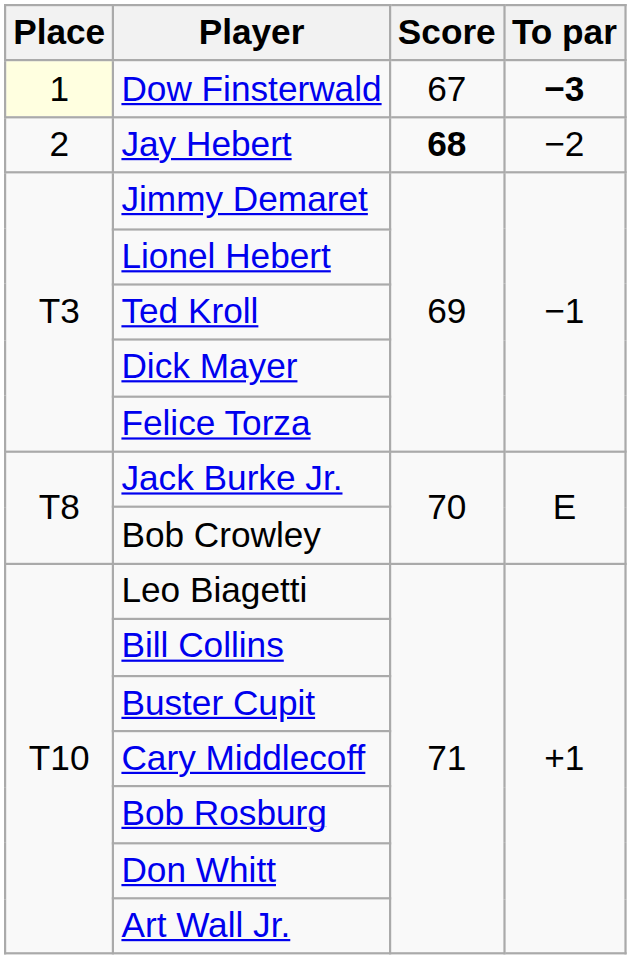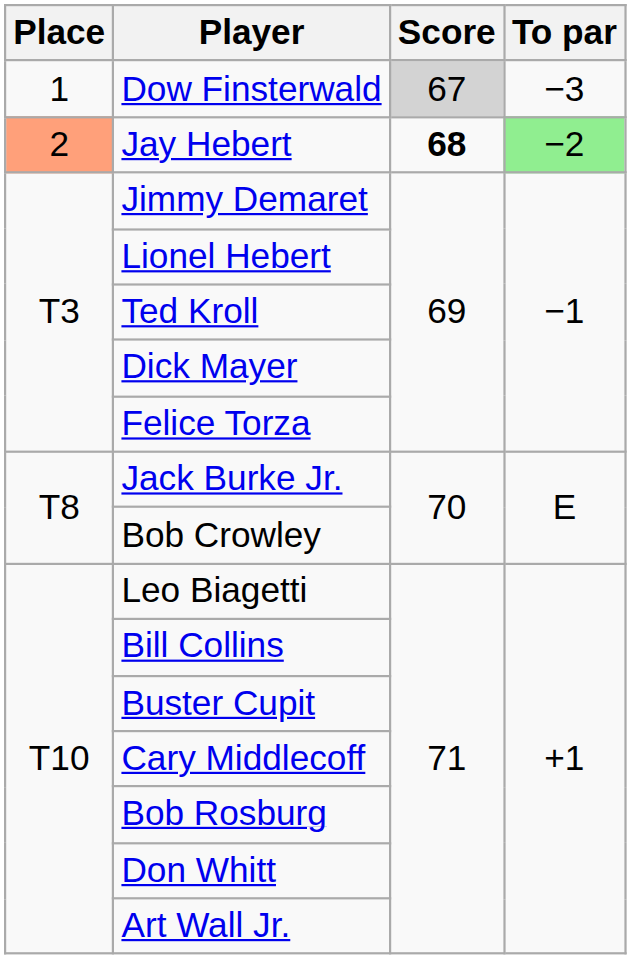 <table class=wikitable>
 <tr>
 <th>Place</th>
 <th>Player</th>
 <th>Score</th>
 <th>To par</th>
 </tr>
 <tr>
-<td align=center style="background: lightyellow;">1</td>
+<td align=center>1</td>
 <td> <a href='#'>Dow Finsterwald</a></td>
-<td align=center>67</td>
-<td align=center><strong>−3</strong></td>
+<td align=center style="background: lightgrey;">67</td>
+<td align=center>−3</td>
 </tr>
 <tr>
-<td align=center>2</td>
+<td align=center style="background: lightsalmon;">2</td>
 <td> <a href='#'>Jay Hebert</a></td>
 <td align=center><strong>68</strong></td>
-<td align=center>−2</td>
+<td align=center style="background: lightgreen;">−2</td>
 </tr>
 <tr>
 <td rowspan=5 align=center>T3</td>
 <td> <a href='#'>Jimmy Demaret</a></td>
 <td rowspan=5 align=center>69</td>
 <td rowspan=5 align=center>−1</td>
 </tr>
 <tr>
 <td> <a href='#'>Lionel Hebert</a></td>
 </tr>
 <tr>
 <td> <a href='#'>Ted Kroll</a></td>
 </tr>
 <tr>
 <td> <a href='#'>Dick Mayer</a></td>
 </tr>
 <tr>
 <td> <a href='#'>Felice Torza</a></td>
 </tr>
 <tr>
 <td rowspan=2 align=center>T8</td>
 <td> <a href='#'>Jack Burke Jr.</a></td>
 <td rowspan=2 align=center>70</td>
 <td rowspan=2 align=center>E</td>
 </tr>
 <tr>
 <td> Bob Crowley</td>
 </tr>
 <tr>
 <td rowspan=7 align=center>T10</td>
 <td> Leo Biagetti</td>
 <td rowspan=7 align=center>71</td>
 <td rowspan=7 align=center>+1</td>
 </tr>
 <tr>
 <td> <a href='#'>Bill Collins</a></td>
 </tr>
 <tr>
 <td> <a href='#'>Buster Cupit</a></td>
 </tr>
 <tr>
 <td> <a href='#'>Cary Middlecoff</a></td>
 </tr>
 <tr>
 <td> <a href='#'>Bob Rosburg</a></td>
 </tr>
 <tr>
 <td> <a href='#'>Don Whitt</a></td>
 </tr>
 <tr>
 <td> <a href='#'>Art Wall Jr.</a></td>
 </tr>
 </table>
